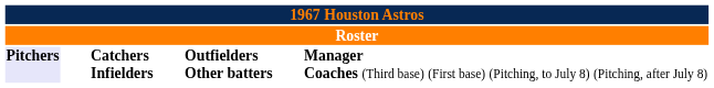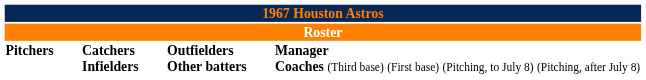 <table class="toccolours" style="text-align: left;">
 <tr>
 <th colspan="10" style="background-color: #072854; color: #FF7F00; text-align: center;">1967 Houston Astros</th>
 </tr>
 <tr>
 <td colspan="10" style="background-color: #FF7F00; color: white; text-align: center;"><strong>Roster</strong></td>
 </tr>
 <tr>
-<td valign="top" style="background: lavender;"><strong>Pitchers</strong><br>                     </td>
+<td valign="top"><strong>Pitchers</strong><br>                     </td>
 <td width="25px"></td>
 <td valign="top"><strong>Catchers</strong><br>     <strong>Infielders</strong>           </td>
 <td width="25px"></td>
 <td valign="top"><strong>Outfielders</strong><br>       <strong>Other batters</strong>  </td>
 <td width="25px"></td>
 <td valign="top"><strong>Manager</strong><br> <strong>Coaches</strong>  <small>(Third base)</small>  <small>(First base)</small>   <small>(Pitching, to July 8)</small>  <small>(Pitching, after July 8)</small></td>
 </tr>
 </table>
